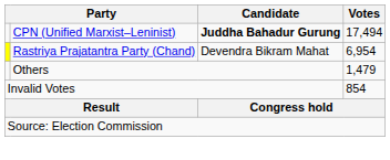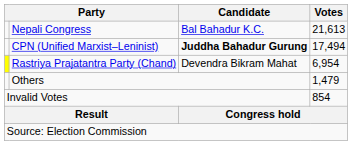 <table class="wikitable">
 <tr>
 <th colspan="2">Party</th>
 <th>Candidate</th>
 <th>Votes</th>
+</tr>
+<tr>
+<td style="background-color:"></td>
+<td><a href='#'>Nepali Congress</a></td>
+<td><a href='#'>Bal Bahadur K.C.</a></td>
+<td>21,613</td>
 </tr>
 <tr>
 <td style="background-color:"></td>
 <td><a href='#'>CPN (Unified Marxist–Leninist)</a></td>
 <td><strong>Juddha Bahadur Gurung</strong></td>
 <td>17,494</td>
 </tr>
 <tr>
 <td style="background-color:yellow"></td>
 <td><a href='#'>Rastriya Prajatantra Party (Chand)</a></td>
 <td>Devendra Bikram Mahat</td>
 <td>6,954</td>
 </tr>
 <tr>
 <td></td>
 <td colspan="2">Others</td>
 <td>1,479</td>
 </tr>
 <tr>
 <td colspan="3">Invalid Votes</td>
 <td>854</td>
 </tr>
 <tr>
 <th colspan="2">Result</th>
 <th colspan="2">Congress hold</th>
 </tr>
 <tr>
 <td colspan="4">Source: Election Commission</td>
 </tr>
 </table>
